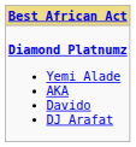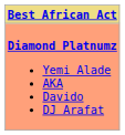 <table class=wikitable style="width=100%">
 <tr>
 <th style="background:#EEDD85; width=100%"><a href='#'>Best African Act</a></th>
 </tr>
 <tr>
-<td valign="top"><br><strong><a href='#'>Diamond Platnumz</a></strong><ul><li><a href='#'>Yemi Alade</a></li><li><a href='#'>AKA</a></li><li><a href='#'>Davido</a></li><li><a href='#'>DJ Arafat</a></li></ul></td>
+<td valign="top" style="background: lightsalmon;"><br><strong><a href='#'>Diamond Platnumz</a></strong><ul><li><a href='#'>Yemi Alade</a></li><li><a href='#'>AKA</a></li><li><a href='#'>Davido</a></li><li><a href='#'>DJ Arafat</a></li></ul></td>
 </tr>
 </table>
